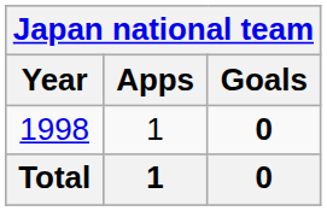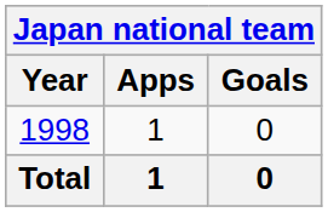 <table class="wikitable" style="text-align:center">
 <tr>
 <th colspan=3><a href='#'>Japan national team</a></th>
 </tr>
 <tr>
 <th>Year</th>
 <th>Apps</th>
 <th>Goals</th>
 </tr>
 <tr>
 <td><a href='#'>1998</a></td>
 <td>1</td>
-<td><strong>0</strong></td>
+<td>0</td>
 </tr>
 <tr>
 <th>Total</th>
 <th>1</th>
 <th>0</th>
 </tr>
 </table>
